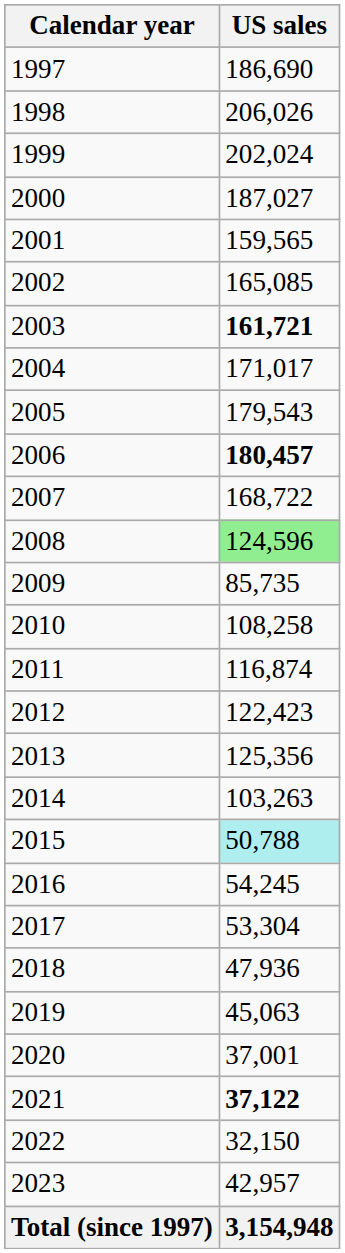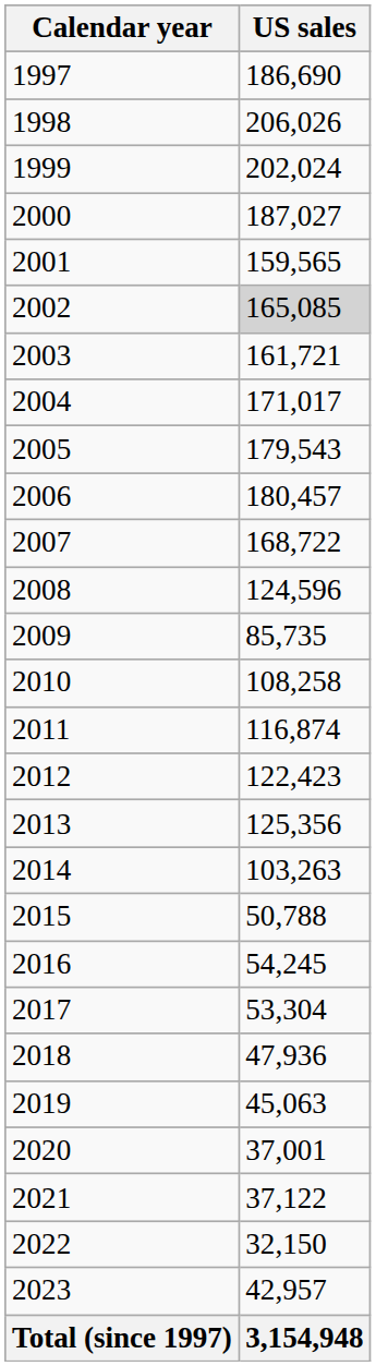 <table class="wikitable">
 <tr>
 <th>Calendar year</th>
 <th>US sales</th>
 </tr>
 <tr>
 <td>1997</td>
 <td>186,690</td>
 </tr>
 <tr>
 <td>1998</td>
 <td>206,026</td>
 </tr>
 <tr>
 <td>1999</td>
 <td>202,024</td>
 </tr>
 <tr>
 <td>2000</td>
 <td>187,027</td>
 </tr>
 <tr>
 <td>2001</td>
 <td>159,565</td>
 </tr>
 <tr>
 <td>2002</td>
-<td>165,085</td>
+<td style="background: lightgrey;">165,085</td>
 </tr>
 <tr>
 <td>2003</td>
-<td><strong>161,721</strong></td>
+<td>161,721</td>
 </tr>
 <tr>
 <td>2004</td>
 <td>171,017</td>
 </tr>
 <tr>
 <td>2005</td>
 <td>179,543</td>
 </tr>
 <tr>
 <td>2006</td>
-<td><strong>180,457</strong></td>
+<td>180,457</td>
 </tr>
 <tr>
 <td>2007</td>
 <td>168,722</td>
 </tr>
 <tr>
 <td>2008</td>
-<td style="background: lightgreen;">124,596</td>
+<td>124,596</td>
 </tr>
 <tr>
 <td>2009</td>
 <td>85,735</td>
 </tr>
 <tr>
 <td>2010</td>
 <td>108,258</td>
 </tr>
 <tr>
 <td>2011</td>
 <td>116,874</td>
 </tr>
 <tr>
 <td>2012</td>
 <td>122,423</td>
 </tr>
 <tr>
 <td>2013</td>
 <td>125,356</td>
 </tr>
 <tr>
 <td>2014</td>
 <td>103,263</td>
 </tr>
 <tr>
 <td>2015</td>
-<td style="background: paleturquoise;">50,788</td>
+<td>50,788</td>
 </tr>
 <tr>
 <td>2016</td>
 <td>54,245</td>
 </tr>
 <tr>
 <td>2017</td>
 <td>53,304</td>
 </tr>
 <tr>
 <td>2018</td>
 <td>47,936</td>
 </tr>
 <tr>
 <td>2019</td>
 <td>45,063</td>
 </tr>
 <tr>
 <td>2020</td>
 <td>37,001</td>
 </tr>
 <tr>
 <td>2021</td>
-<td><strong>37,122</strong></td>
+<td>37,122</td>
 </tr>
 <tr>
 <td>2022</td>
 <td>32,150</td>
 </tr>
 <tr>
 <td>2023</td>
 <td>42,957</td>
 </tr>
 <tr>
 <th>Total (since 1997)</th>
 <th>3,154,948</th>
 </tr>
 </table>
